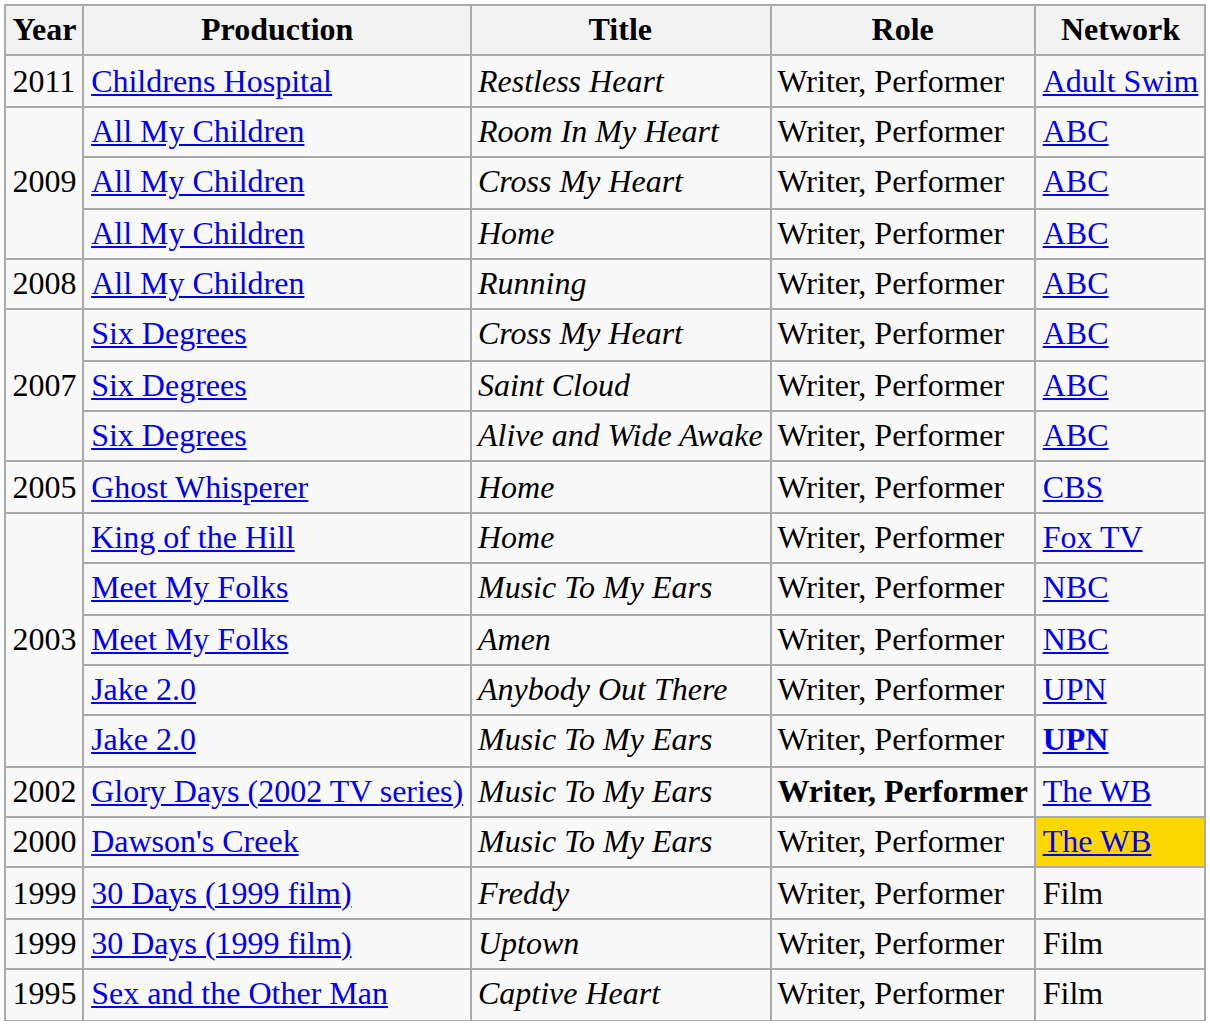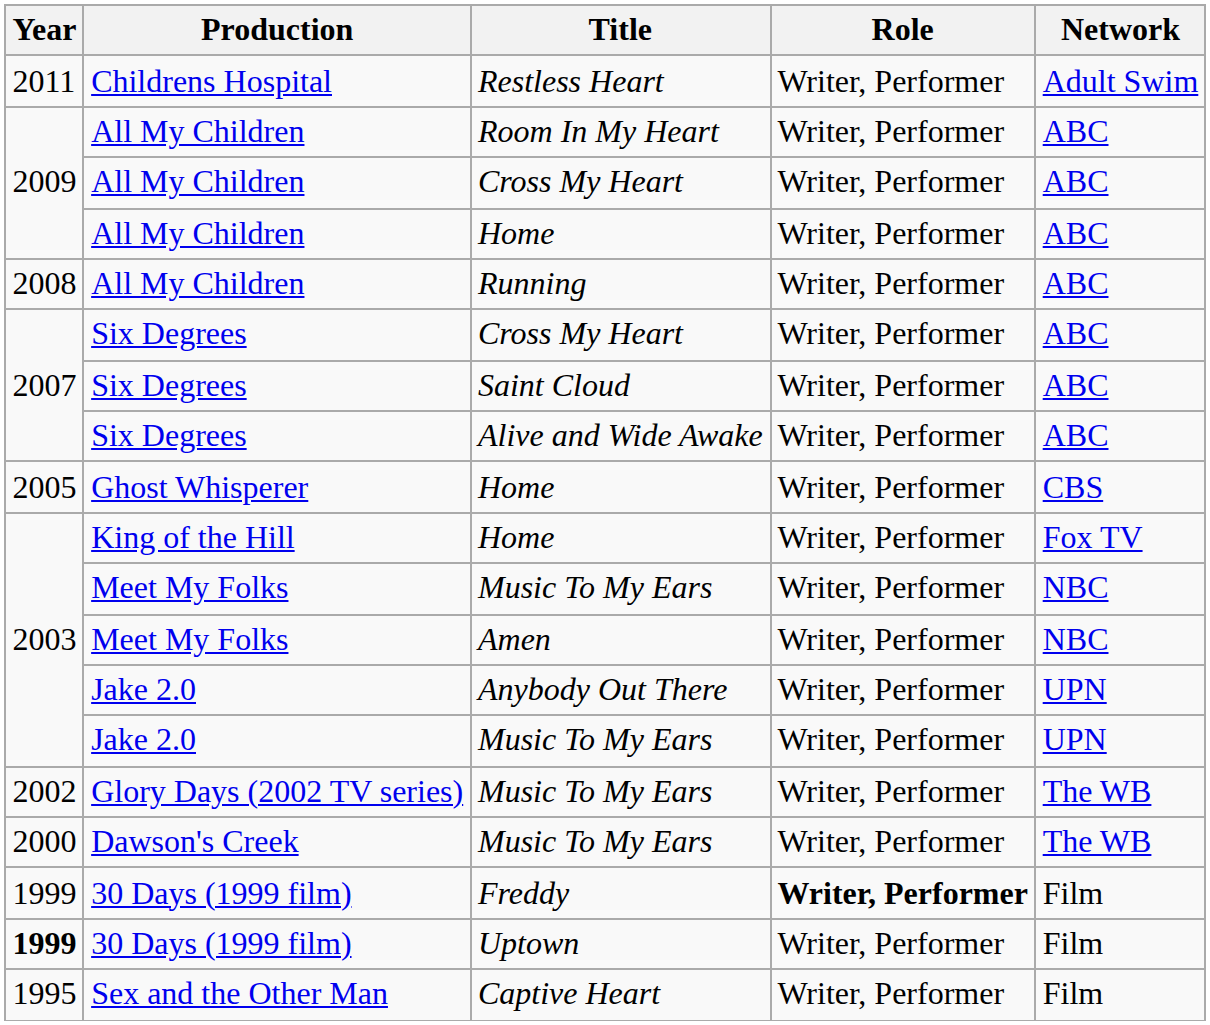 <table class="wikitable">
 <tr>
 <th>Year</th>
 <th>Production</th>
 <th>Title</th>
 <th>Role</th>
 <th>Network</th>
 </tr>
 <tr>
 <td rowspan="1">2011</td>
 <td><a href='#'>Childrens Hospital</a></td>
 <td><em>Restless Heart</em></td>
 <td>Writer, Performer</td>
 <td><a href='#'>Adult Swim</a></td>
 </tr>
 <tr>
 <td rowspan="3">2009</td>
 <td><a href='#'>All My Children</a></td>
 <td><em>Room In My Heart</em></td>
 <td>Writer, Performer</td>
 <td><a href='#'>ABC</a></td>
 </tr>
 <tr>
 <td><a href='#'>All My Children</a></td>
 <td><em>Cross My Heart</em></td>
 <td>Writer, Performer</td>
 <td><a href='#'>ABC</a></td>
 </tr>
 <tr>
 <td><a href='#'>All My Children</a></td>
 <td><em>Home</em></td>
 <td>Writer, Performer</td>
 <td><a href='#'>ABC</a></td>
 </tr>
 <tr>
 <td rowspan="1">2008</td>
 <td><a href='#'>All My Children</a></td>
 <td><em>Running</em></td>
 <td>Writer, Performer</td>
 <td><a href='#'>ABC</a></td>
 </tr>
 <tr>
 <td rowspan="3">2007</td>
 <td><a href='#'>Six Degrees</a></td>
 <td><em>Cross My Heart</em></td>
 <td>Writer, Performer</td>
 <td><a href='#'>ABC</a></td>
 </tr>
 <tr>
 <td><a href='#'>Six Degrees</a></td>
 <td><em>Saint Cloud</em></td>
 <td>Writer, Performer</td>
 <td><a href='#'>ABC</a></td>
 </tr>
 <tr>
 <td><a href='#'>Six Degrees</a></td>
 <td><em>Alive and Wide Awake</em></td>
 <td>Writer, Performer</td>
 <td><a href='#'>ABC</a></td>
 </tr>
 <tr>
 <td rowspan="1">2005</td>
 <td><a href='#'>Ghost Whisperer</a></td>
 <td><em>Home</em></td>
 <td>Writer, Performer</td>
 <td><a href='#'>CBS</a></td>
 </tr>
 <tr>
 <td rowspan="5">2003</td>
 <td><a href='#'>King of the Hill</a></td>
 <td><em>Home</em></td>
 <td>Writer, Performer</td>
 <td><a href='#'>Fox TV</a></td>
 </tr>
 <tr>
 <td><a href='#'>Meet My Folks</a></td>
 <td><em>Music To My Ears</em></td>
 <td>Writer, Performer</td>
 <td><a href='#'>NBC</a></td>
 </tr>
 <tr>
 <td><a href='#'>Meet My Folks</a></td>
 <td><em>Amen</em></td>
 <td>Writer, Performer</td>
 <td><a href='#'>NBC</a></td>
 </tr>
 <tr>
 <td><a href='#'>Jake 2.0</a></td>
 <td><em>Anybody Out There</em></td>
 <td>Writer, Performer</td>
 <td><a href='#'>UPN</a></td>
 </tr>
 <tr>
 <td><a href='#'>Jake 2.0</a></td>
 <td><em>Music To My Ears</em></td>
 <td>Writer, Performer</td>
-<td><strong><a href='#'>UPN</a></strong></td>
+<td><a href='#'>UPN</a></td>
 </tr>
 <tr>
 <td rowspan="1">2002</td>
 <td><a href='#'>Glory Days (2002 TV series)</a></td>
 <td><em>Music To My Ears</em></td>
-<td><strong>Writer, Performer</strong></td>
+<td>Writer, Performer</td>
 <td><a href='#'>The WB</a></td>
 </tr>
 <tr>
 <td rowspan="1">2000</td>
 <td><a href='#'>Dawson's Creek</a></td>
 <td><em>Music To My Ears</em></td>
 <td>Writer, Performer</td>
-<td style="background: gold;"><a href='#'>The WB</a></td>
+<td><a href='#'>The WB</a></td>
 </tr>
 <tr>
 <td rowspan="1">1999</td>
 <td><a href='#'>30 Days (1999 film)</a></td>
 <td><em>Freddy</em></td>
-<td>Writer, Performer</td>
+<td><strong>Writer, Performer</strong></td>
 <td>Film</td>
 </tr>
 <tr>
-<td rowspan="1">1999</td>
+<td rowspan="1"><strong>1999</strong></td>
 <td><a href='#'>30 Days (1999 film)</a></td>
 <td><em>Uptown</em></td>
 <td>Writer, Performer</td>
 <td>Film</td>
 </tr>
 <tr>
 <td rowspan="1">1995</td>
 <td><a href='#'>Sex and the Other Man</a></td>
 <td><em>Captive Heart</em></td>
 <td>Writer, Performer</td>
 <td>Film</td>
 </tr>
 <tr>
 </tr>
 </table>
